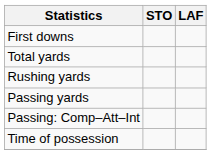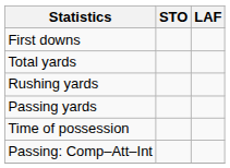 <table class="wikitable" style="float: left;">
 <tr>
 <th>Statistics</th>
 <th>STO</th>
 <th>LAF</th>
 </tr>
 <tr>
 <td>First downs</td>
 <td></td>
 <td></td>
 </tr>
 <tr>
 <td>Total yards</td>
 <td></td>
 <td></td>
 </tr>
 <tr>
 <td>Rushing yards</td>
 <td></td>
 <td></td>
 </tr>
 <tr>
 <td>Passing yards</td>
 <td></td>
 <td></td>
 </tr>
 <tr>
-<td>Passing: Comp–Att–Int</td>
+<td>Time of possession</td>
 <td></td>
 <td></td>
 </tr>
 <tr>
-<td>Time of possession</td>
+<td>Passing: Comp–Att–Int</td>
 <td></td>
 <td></td>
 </tr>
 <tr>
 </tr>
 </table>
